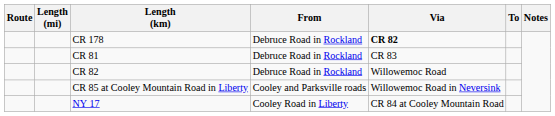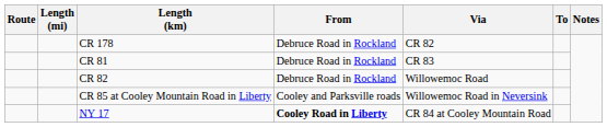 <table class="wikitable sortable">
 <tr>
 <th>Route</th>
 <th>Length<br>(mi)</th>
 <th>Length<br>(km)</th>
 <th class="unsortable">From</th>
 <th class="unsortable">Via</th>
 <th class="unsortable">To</th>
 <th class="unsortable">Notes</th>
 </tr>
 <tr>
 <td id="81"></td>
 <td></td>
 <td>CR 178</td>
 <td>Debruce Road in <a href='#'>Rockland</a></td>
-<td><strong>CR 82</strong></td>
+<td>CR 82</td>
 <td></td>
 </tr>
 <tr>
 <td id="82"></td>
 <td></td>
 <td>CR 81</td>
 <td>Debruce Road in <a href='#'>Rockland</a></td>
 <td>CR 83</td>
 <td></td>
 </tr>
 <tr>
 <td id="83"></td>
 <td></td>
 <td>CR 82</td>
 <td>Debruce Road in <a href='#'>Rockland</a></td>
 <td>Willowemoc Road</td>
 <td></td>
 </tr>
 <tr>
 <td id="84"></td>
 <td></td>
 <td>CR 85 at Cooley Mountain Road in <a href='#'>Liberty</a></td>
 <td>Cooley and Parksville roads</td>
 <td>Willowemoc Road in <a href='#'>Neversink</a></td>
 <td></td>
 </tr>
 <tr>
 <td id="85"></td>
 <td></td>
 <td><a href='#'>NY&nbsp;17</a></td>
-<td>Cooley Road in <a href='#'>Liberty</a></td>
+<td><strong>Cooley Road in <a href='#'>Liberty</a></strong></td>
 <td>CR 84 at Cooley Mountain Road</td>
 <td></td>
 </tr>
 </table>
